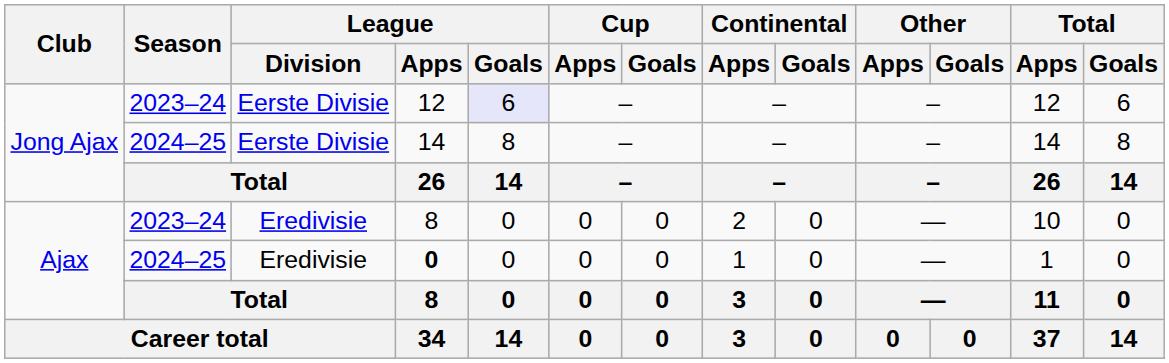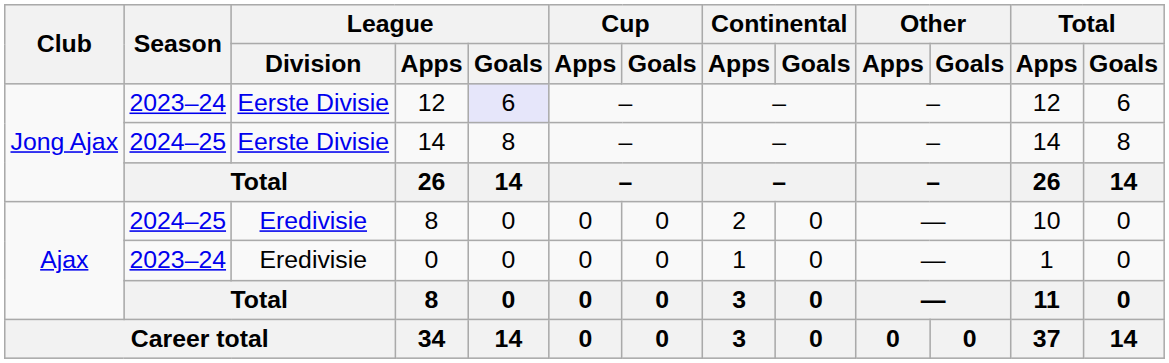 <table class="wikitable" style="text-align: center;">
 <tr>
 <th rowspan="2">Club</th>
 <th rowspan="2">Season</th>
 <th colspan="3">League</th>
 <th colspan="2">Cup</th>
 <th colspan="2">Continental</th>
 <th colspan="2">Other</th>
 <th colspan="2">Total</th>
 </tr>
 <tr>
 <th>Division</th>
 <th>Apps</th>
 <th>Goals</th>
 <th>Apps</th>
 <th>Goals</th>
 <th>Apps</th>
 <th>Goals</th>
 <th>Apps</th>
 <th>Goals</th>
 <th>Apps</th>
 <th>Goals</th>
 </tr>
 <tr>
 <td rowspan="3"><a href='#'>Jong Ajax</a></td>
 <td><a href='#'>2023–24</a></td>
 <td><a href='#'>Eerste Divisie</a></td>
 <td>12</td>
 <td style="background: lavender;">6</td>
 <td colspan="2">–</td>
 <td colspan="2">–</td>
 <td colspan="2">–</td>
 <td>12</td>
 <td>6</td>
 </tr>
 <tr>
 <td><a href='#'>2024–25</a></td>
 <td><a href='#'>Eerste Divisie</a></td>
 <td>14</td>
 <td>8</td>
 <td colspan="2">–</td>
 <td colspan="2">–</td>
 <td colspan="2">–</td>
 <td>14</td>
 <td>8</td>
 </tr>
 <tr>
 <th colspan="2">Total</th>
 <th>26</th>
 <th>14</th>
 <th colspan="2">–</th>
 <th colspan="2">–</th>
 <th colspan="2">–</th>
 <th>26</th>
 <th>14</th>
 </tr>
 <tr>
 <td rowspan="3"><a href='#'>Ajax</a></td>
-<td><a href='#'>2023–24</a></td>
+<td><a href='#'>2024–25</a></td>
 <td><a href='#'>Eredivisie</a></td>
 <td>8</td>
 <td>0</td>
 <td>0</td>
 <td>0</td>
 <td>2</td>
 <td>0</td>
 <td colspan="2">—</td>
 <td>10</td>
 <td>0</td>
 </tr>
 <tr>
-<td><a href='#'>2024–25</a></td>
+<td><a href='#'>2023–24</a></td>
 <td>Eredivisie</td>
-<td><strong>0</strong></td>
+<td>0</td>
 <td>0</td>
 <td>0</td>
 <td>0</td>
 <td>1</td>
 <td>0</td>
 <td colspan="2">—</td>
 <td>1</td>
 <td>0</td>
 </tr>
 <tr>
 <th colspan="2">Total</th>
 <th>8</th>
 <th>0</th>
 <th>0</th>
 <th>0</th>
 <th>3</th>
 <th>0</th>
 <th colspan="2">—</th>
 <th>11</th>
 <th>0</th>
 </tr>
 <tr>
 <th colspan="3">Career total</th>
 <th>34</th>
 <th>14</th>
 <th>0</th>
 <th>0</th>
 <th>3</th>
 <th>0</th>
 <th>0</th>
 <th>0</th>
 <th>37</th>
 <th>14</th>
 </tr>
 </table>
